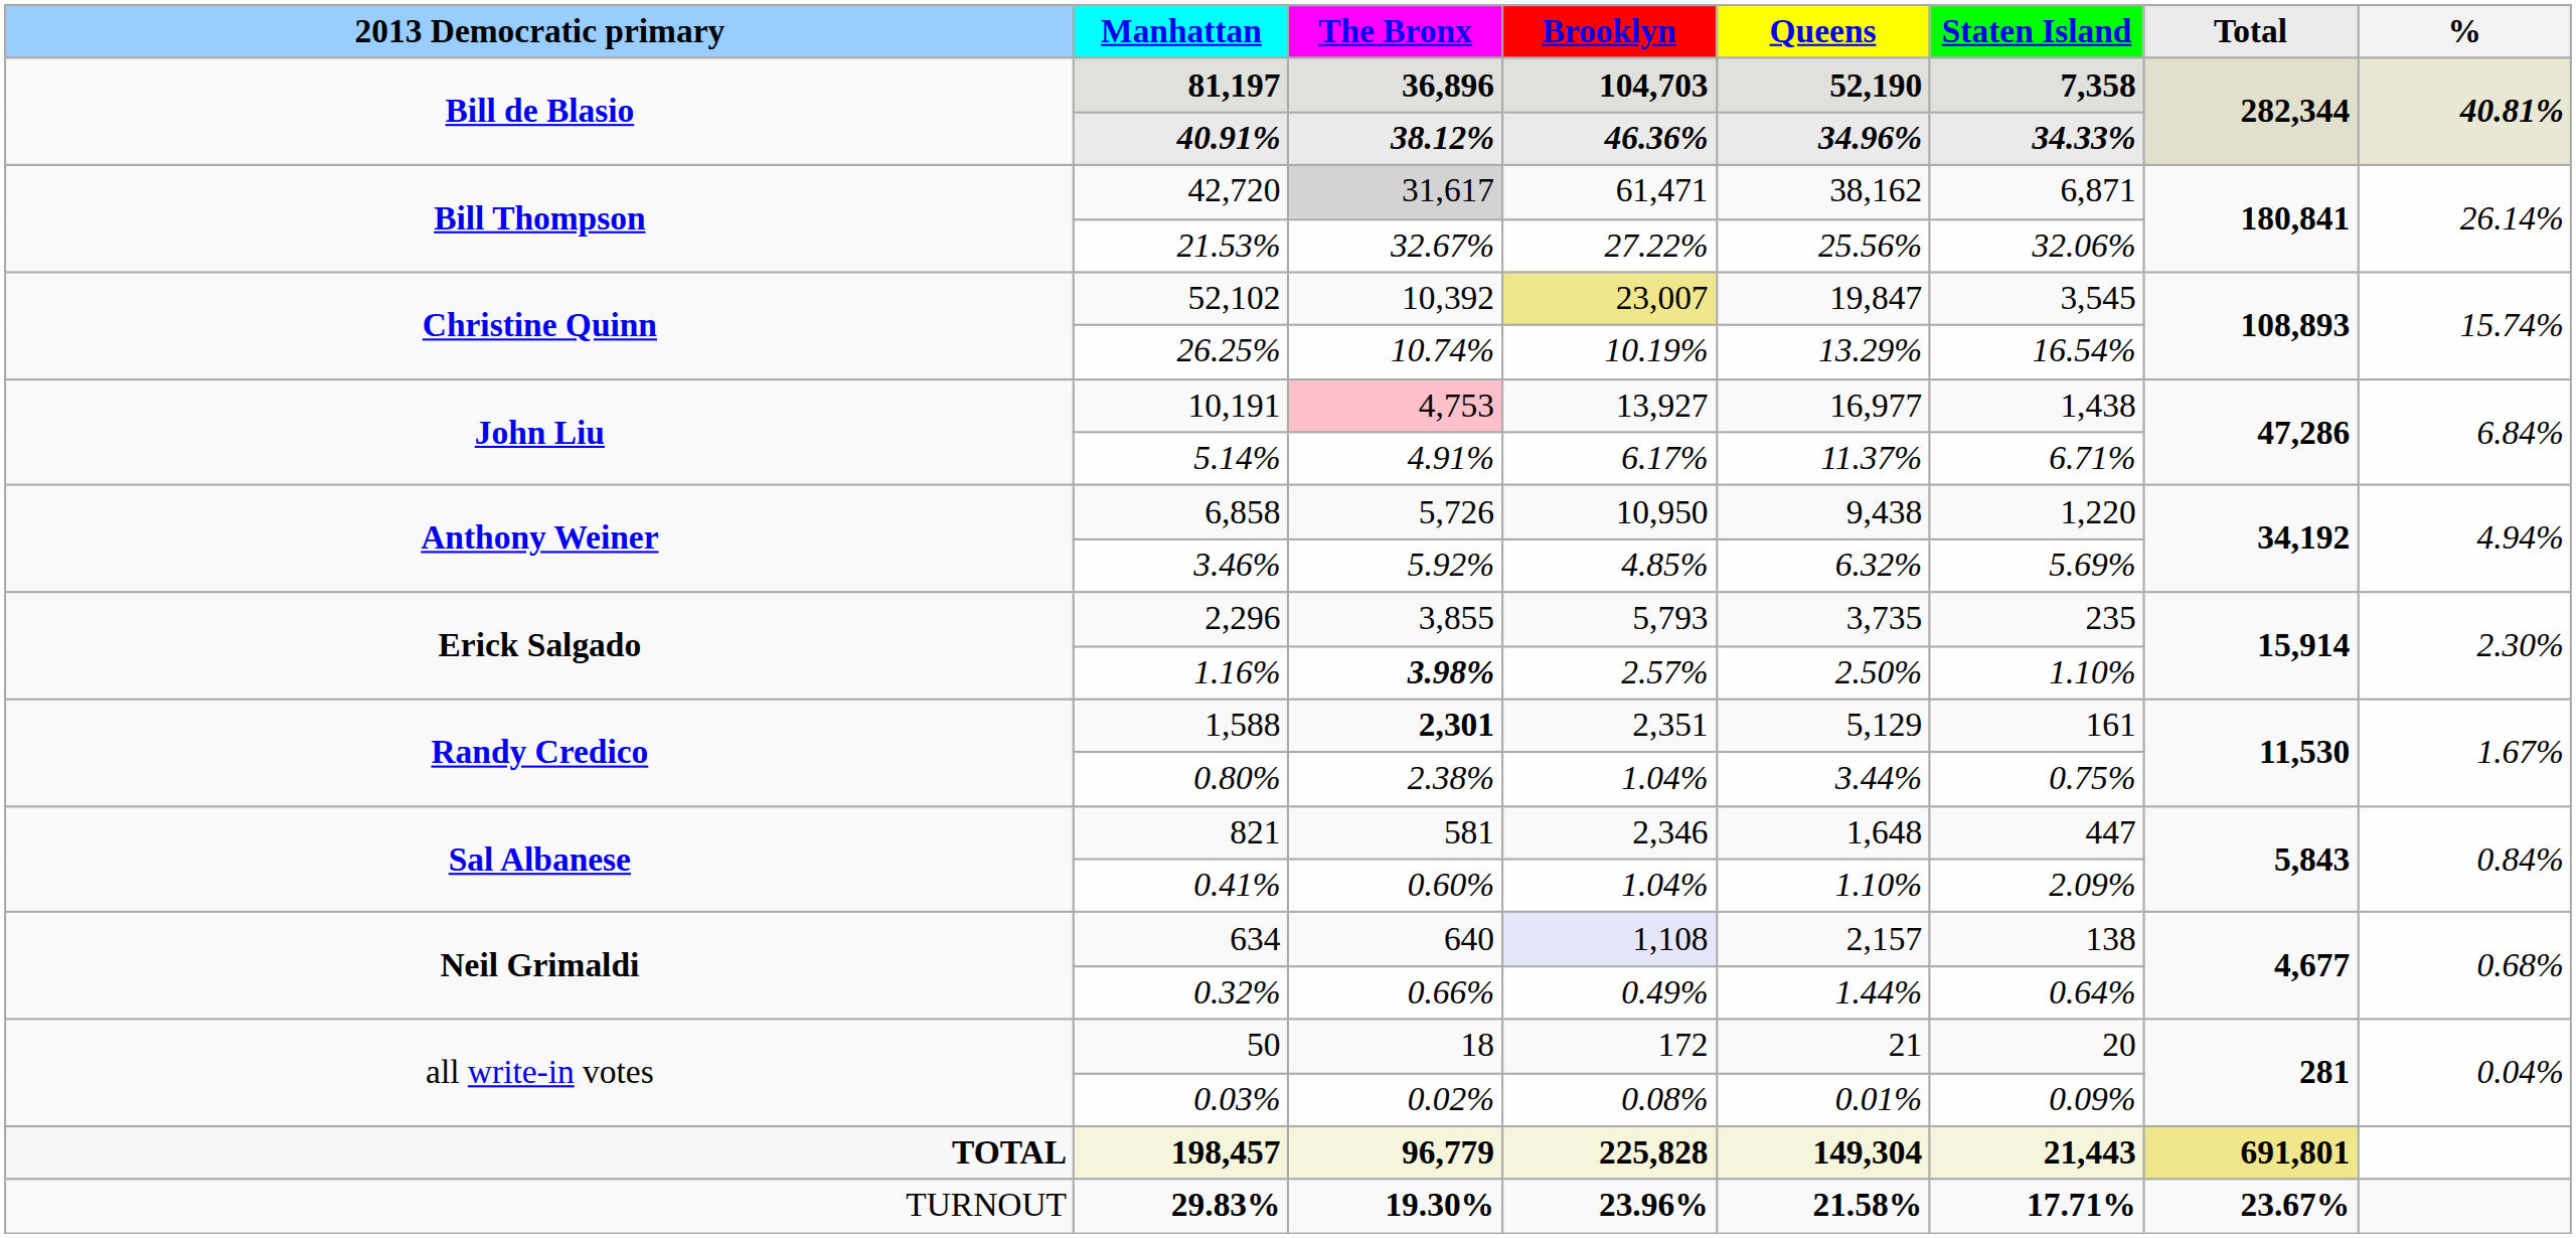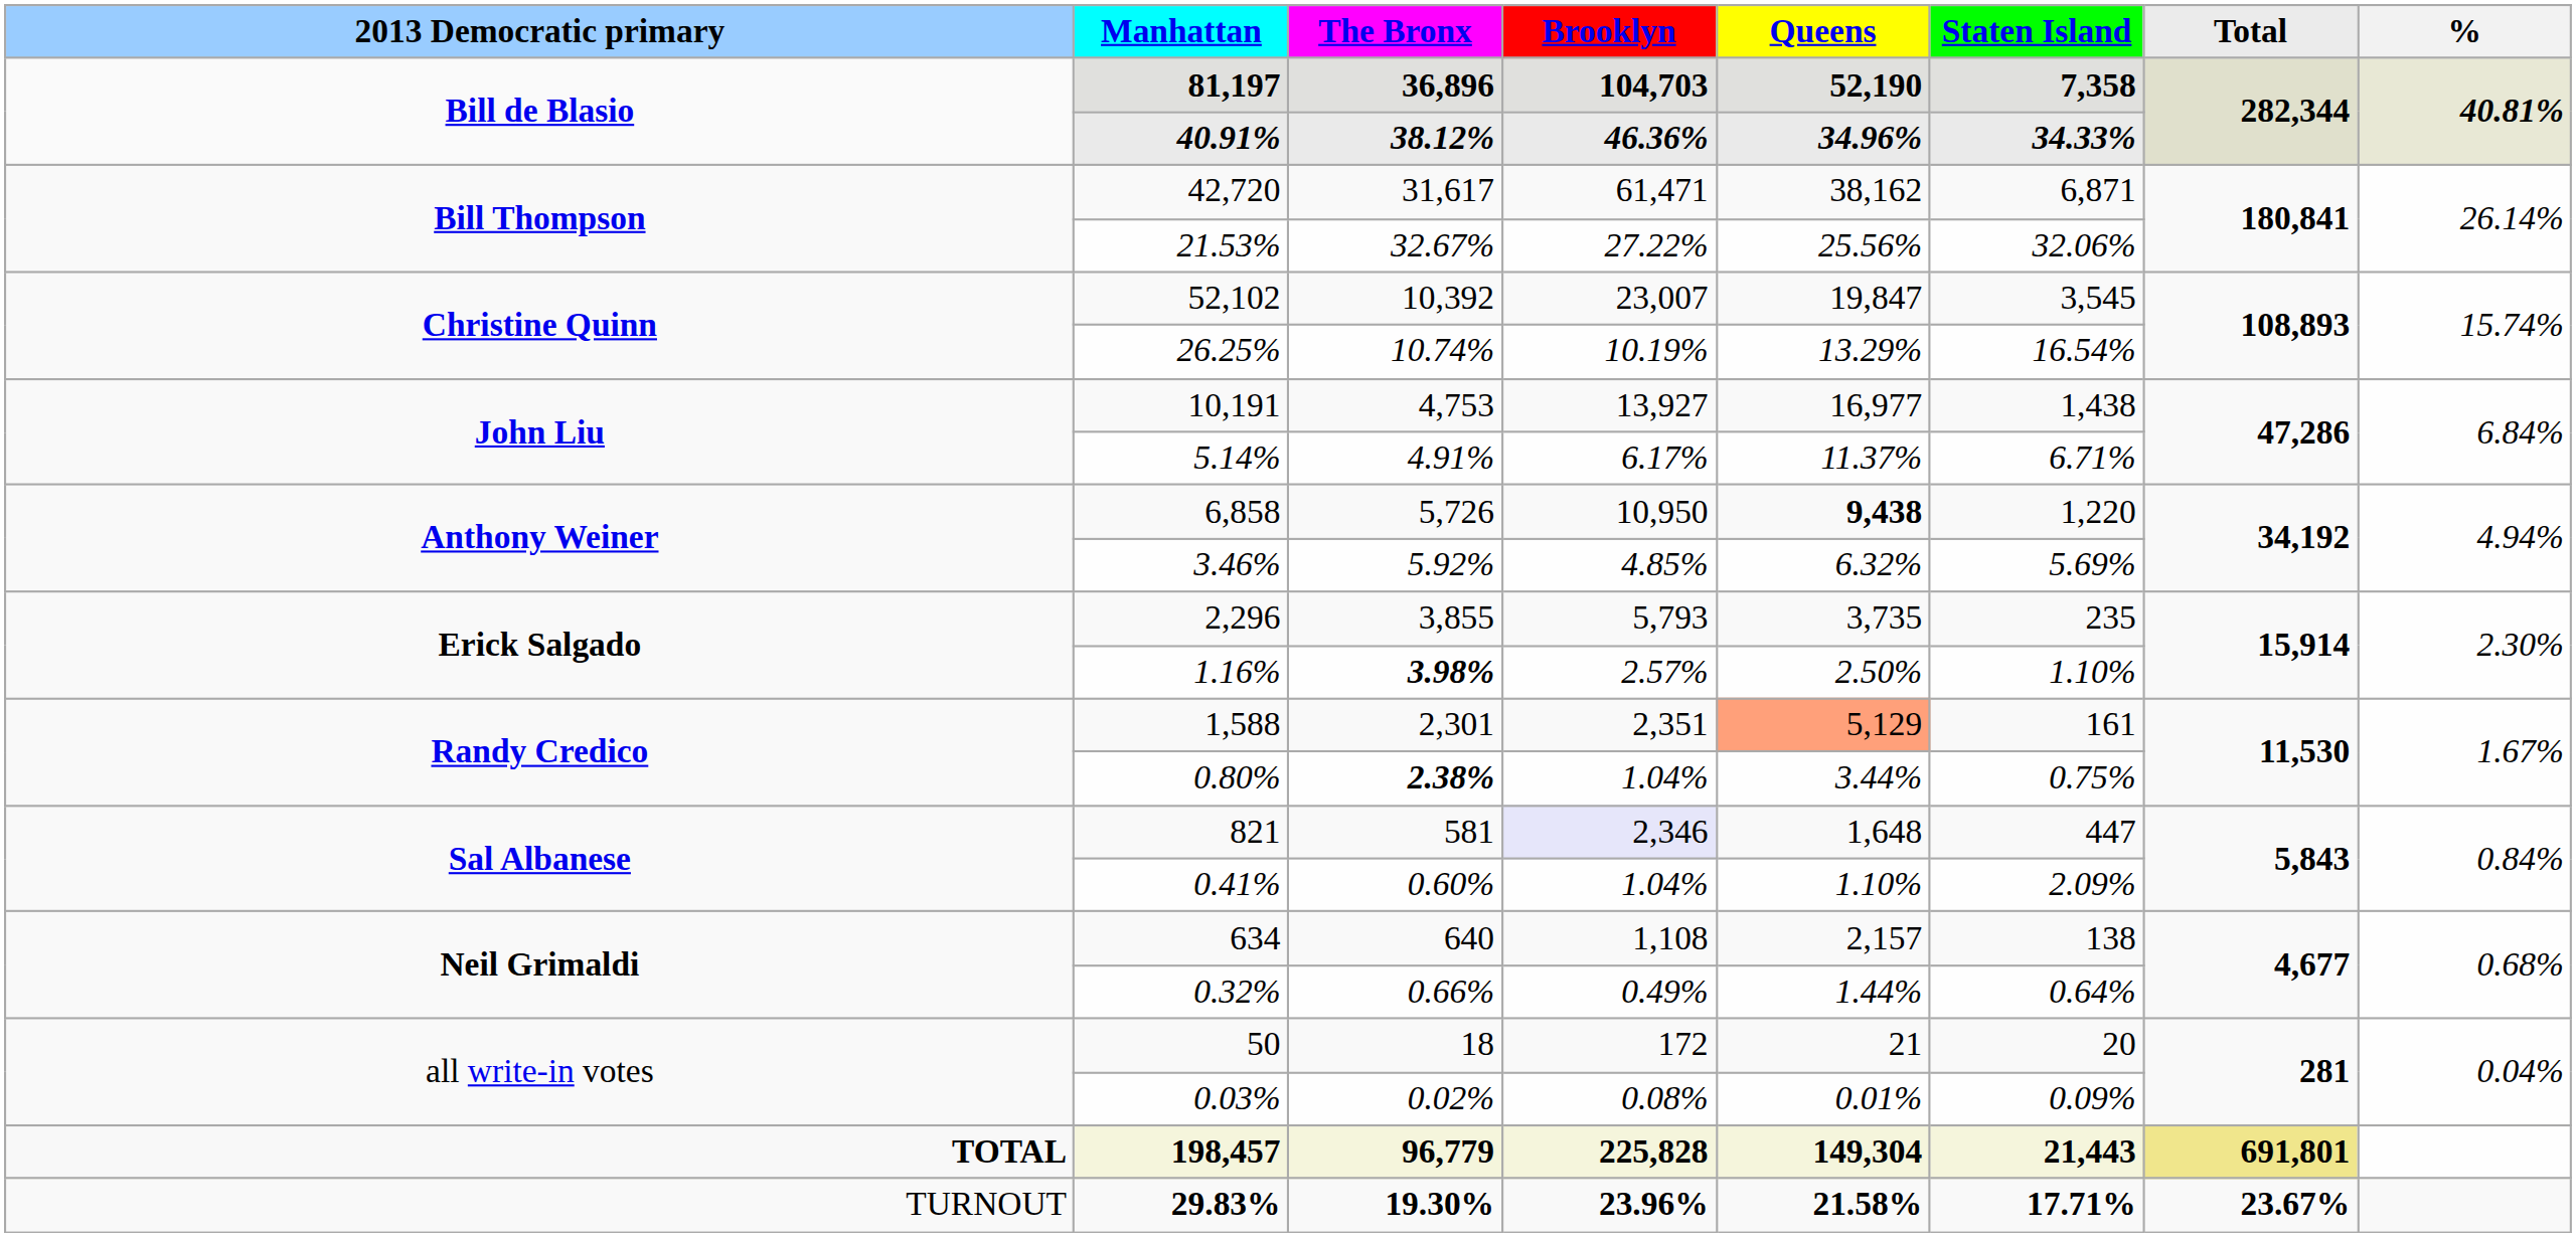 <table class="wikitable"  style="text-align:right;">
 <tr style="text-align:center;">
 <td style="width:40%; background:#99CCFF;"><strong>2013 Democratic primary</strong></td>
 <td style="width:8%; background:aqua;"><strong><a href='#'>Manhattan</a></strong></td>
 <td style="width:8%; background:magenta;"><strong><a href='#'>The Bronx</a></strong></td>
 <td style="width:8%; background:red;"><strong><a href='#'>Brooklyn</a></strong></td>
 <td style="width:8%; background:yellow;"><strong><a href='#'>Queens</a></strong></td>
 <td style="width:8%; background:lime;"><strong><a href='#'>Staten Island</a></strong></td>
 <td style="width:8%; background:#ebebeb;"><strong>Total</strong></td>
 <td style="width:8%; background:#f2f2f2;"><strong>%</strong></td>
 </tr>
 <tr style="background:#e0e0dd;">
 <td rowspan="2" style="background:#fafafa; text-align:center;"><strong><a href='#'>Bill de Blasio</a></strong></td>
 <td><strong>81,197</strong></td>
 <td><strong>36,896</strong></td>
 <td><strong>104,703</strong></td>
 <td><strong>52,190</strong></td>
 <td><strong>7,358</strong></td>
 <td rowspan="2" style="background:#e0e0cc;"><strong>282,344</strong></td>
 <td rowspan="2" style="background:#e8e8d5;"><strong><em>40.81%</em></strong></td>
 </tr>
 <tr style="background:#eaeaea;">
 <td><strong><em>40.91%</em></strong></td>
 <td><strong><em>38.12%</em></strong></td>
 <td><strong><em>46.36%</em></strong></td>
 <td><strong><em>34.96%</em></strong></td>
 <td><strong><em>34.33%</em></strong></td>
 </tr>
 <tr>
 <td rowspan="2" style="text-align:center;"><strong><a href='#'>Bill Thompson</a></strong></td>
 <td>42,720</td>
-<td style="background: lightgrey;">31,617</td>
+<td>31,617</td>
 <td>61,471</td>
 <td>38,162</td>
 <td>6,871</td>
 <td rowspan="2"><strong>180,841</strong></td>
 <td rowspan="2" style="background:#fefefe;"><em>26.14%</em></td>
 </tr>
 <tr style="background:#fefefe;">
 <td><em>21.53%</em></td>
 <td><em>32.67%</em></td>
 <td><em>27.22%</em></td>
 <td><em>25.56%</em></td>
 <td><em>32.06%</em></td>
 </tr>
 <tr>
 <td rowspan="2" style="text-align:center;"><strong><a href='#'>Christine Quinn</a></strong></td>
 <td>52,102</td>
 <td>10,392</td>
-<td style="background: khaki;">23,007</td>
+<td>23,007</td>
 <td>19,847</td>
 <td>3,545</td>
 <td rowspan="2"><strong>108,893</strong></td>
 <td rowspan="2" style="background:#fefefe;"><em>15.74%</em></td>
 </tr>
 <tr style="background:#fefefe;">
 <td><em>26.25%</em></td>
 <td><em>10.74%</em></td>
 <td><em>10.19%</em></td>
 <td><em>13.29%</em></td>
 <td><em>16.54%</em></td>
 </tr>
 <tr>
 <td rowspan="2" style="text-align:center;"><strong><a href='#'>John Liu</a></strong></td>
 <td>10,191</td>
-<td style="background: pink;">4,753</td>
+<td>4,753</td>
 <td>13,927</td>
 <td>16,977</td>
 <td>1,438</td>
 <td rowspan="2"><strong>47,286</strong></td>
 <td rowspan="2" style="background:#fefefe;"><em>6.84%</em></td>
 </tr>
 <tr style="background:#fefefe;">
 <td><em>5.14%</em></td>
 <td><em>4.91%</em></td>
 <td><em>6.17%</em></td>
 <td><em>11.37%</em></td>
 <td><em>6.71%</em></td>
 </tr>
 <tr>
 <td rowspan="2" style="text-align:center;"><strong><a href='#'>Anthony Weiner</a></strong></td>
 <td>6,858</td>
 <td>5,726</td>
 <td>10,950</td>
-<td>9,438</td>
+<td><strong>9,438</strong></td>
 <td>1,220</td>
 <td rowspan="2"><strong>34,192</strong></td>
 <td rowspan="2" style="background:#fefefe;"><em>4.94%</em></td>
 </tr>
 <tr style="background:#fefefe;">
 <td><em>3.46%</em></td>
 <td><em>5.92%</em></td>
 <td><em>4.85%</em></td>
 <td><em>6.32%</em></td>
 <td><em>5.69%</em></td>
 </tr>
 <tr>
 <td rowspan="2" style="text-align:center;"><strong>Erick Salgado</strong></td>
 <td>2,296</td>
 <td>3,855</td>
 <td>5,793</td>
 <td>3,735</td>
 <td>235</td>
 <td rowspan="2"><strong>15,914</strong></td>
 <td rowspan="2" style="background:#fefefe;"><em>2.30%</em></td>
 </tr>
 <tr style="background:#fefefe;">
 <td><em>1.16%</em></td>
 <td><strong><em>3.98%</em></strong></td>
 <td><em>2.57%</em></td>
 <td><em>2.50%</em></td>
 <td><em>1.10%</em></td>
 </tr>
 <tr>
 <td rowspan="2" style="text-align:center;"><strong><a href='#'>Randy Credico</a></strong></td>
 <td>1,588</td>
-<td><strong>2,301</strong></td>
+<td>2,301</td>
 <td>2,351</td>
-<td>5,129</td>
+<td style="background: lightsalmon;">5,129</td>
 <td>161</td>
 <td rowspan="2"><strong>11,530</strong></td>
 <td rowspan="2" style="background:#fefefe;"><em>1.67%</em></td>
 </tr>
 <tr style="background:#fefefe;">
 <td><em>0.80%</em></td>
-<td><em>2.38%</em></td>
+<td><strong><em>2.38%</em></strong></td>
 <td><em>1.04%</em></td>
 <td><em>3.44%</em></td>
 <td><em>0.75%</em></td>
 </tr>
 <tr>
 <td rowspan="2" style="text-align:center;"><strong><a href='#'>Sal Albanese</a></strong></td>
 <td>821</td>
 <td>581</td>
-<td>2,346</td>
+<td style="background: lavender;">2,346</td>
 <td>1,648</td>
 <td>447</td>
 <td rowspan="2"><strong>5,843</strong></td>
 <td rowspan="2" style="background:#fefefe;"><em>0.84%</em></td>
 </tr>
 <tr style="background:#fefefe;">
 <td><em>0.41%</em></td>
 <td><em>0.60%</em></td>
 <td><em>1.04%</em></td>
 <td><em>1.10%</em></td>
 <td><em>2.09%</em></td>
 </tr>
 <tr>
 <td rowspan="2" style="text-align:center;"><strong>Neil Grimaldi</strong></td>
 <td>634</td>
 <td>640</td>
-<td style="background: lavender;">1,108</td>
+<td>1,108</td>
 <td>2,157</td>
 <td>138</td>
 <td rowspan="2"><strong>4,677</strong></td>
 <td rowspan="2" style="background:#fefefe;"><em>0.68%</em></td>
 </tr>
 <tr style="background:#fefefe;">
 <td><em>0.32%</em></td>
 <td><em>0.66%</em></td>
 <td><em>0.49%</em></td>
 <td><em>1.44%</em></td>
 <td><em>0.64%</em></td>
 </tr>
 <tr>
 <td rowspan="2" style="text-align:center;">all <a href='#'>write-in</a> votes</td>
 <td>50</td>
 <td>18</td>
 <td>172</td>
 <td>21</td>
 <td>20</td>
 <td rowspan="2"><strong>281</strong></td>
 <td rowspan="2" style="background:#fefefe;"><em>0.04%</em></td>
 </tr>
 <tr style="background:#fefefe;">
 <td><em>0.03%</em></td>
 <td><em>0.02%</em></td>
 <td><em>0.08%</em></td>
 <td><em>0.01%</em></td>
 <td><em>0.09%</em></td>
 </tr>
 <tr style="background:beige;">
 <td style="background:#f8f8f8;"><strong>TOTAL</strong></td>
 <td><strong>198,457</strong></td>
 <td><strong>96,779</strong></td>
 <td><strong>225,828</strong></td>
 <td><strong>149,304</strong></td>
 <td><strong>21,443</strong></td>
 <td bgcolor=khaki><strong>691,801</strong></td>
 <td bgcolor=fefefe> </td>
 </tr>
 <tr>
 <td>TURNOUT</td>
 <td><strong>29.83%</strong></td>
 <td><strong>19.30%</strong></td>
 <td><strong>23.96%</strong></td>
 <td><strong>21.58%</strong></td>
 <td><strong>17.71%</strong></td>
 <td><strong>23.67%</strong></td>
 <td></td>
 </tr>
 </table>
